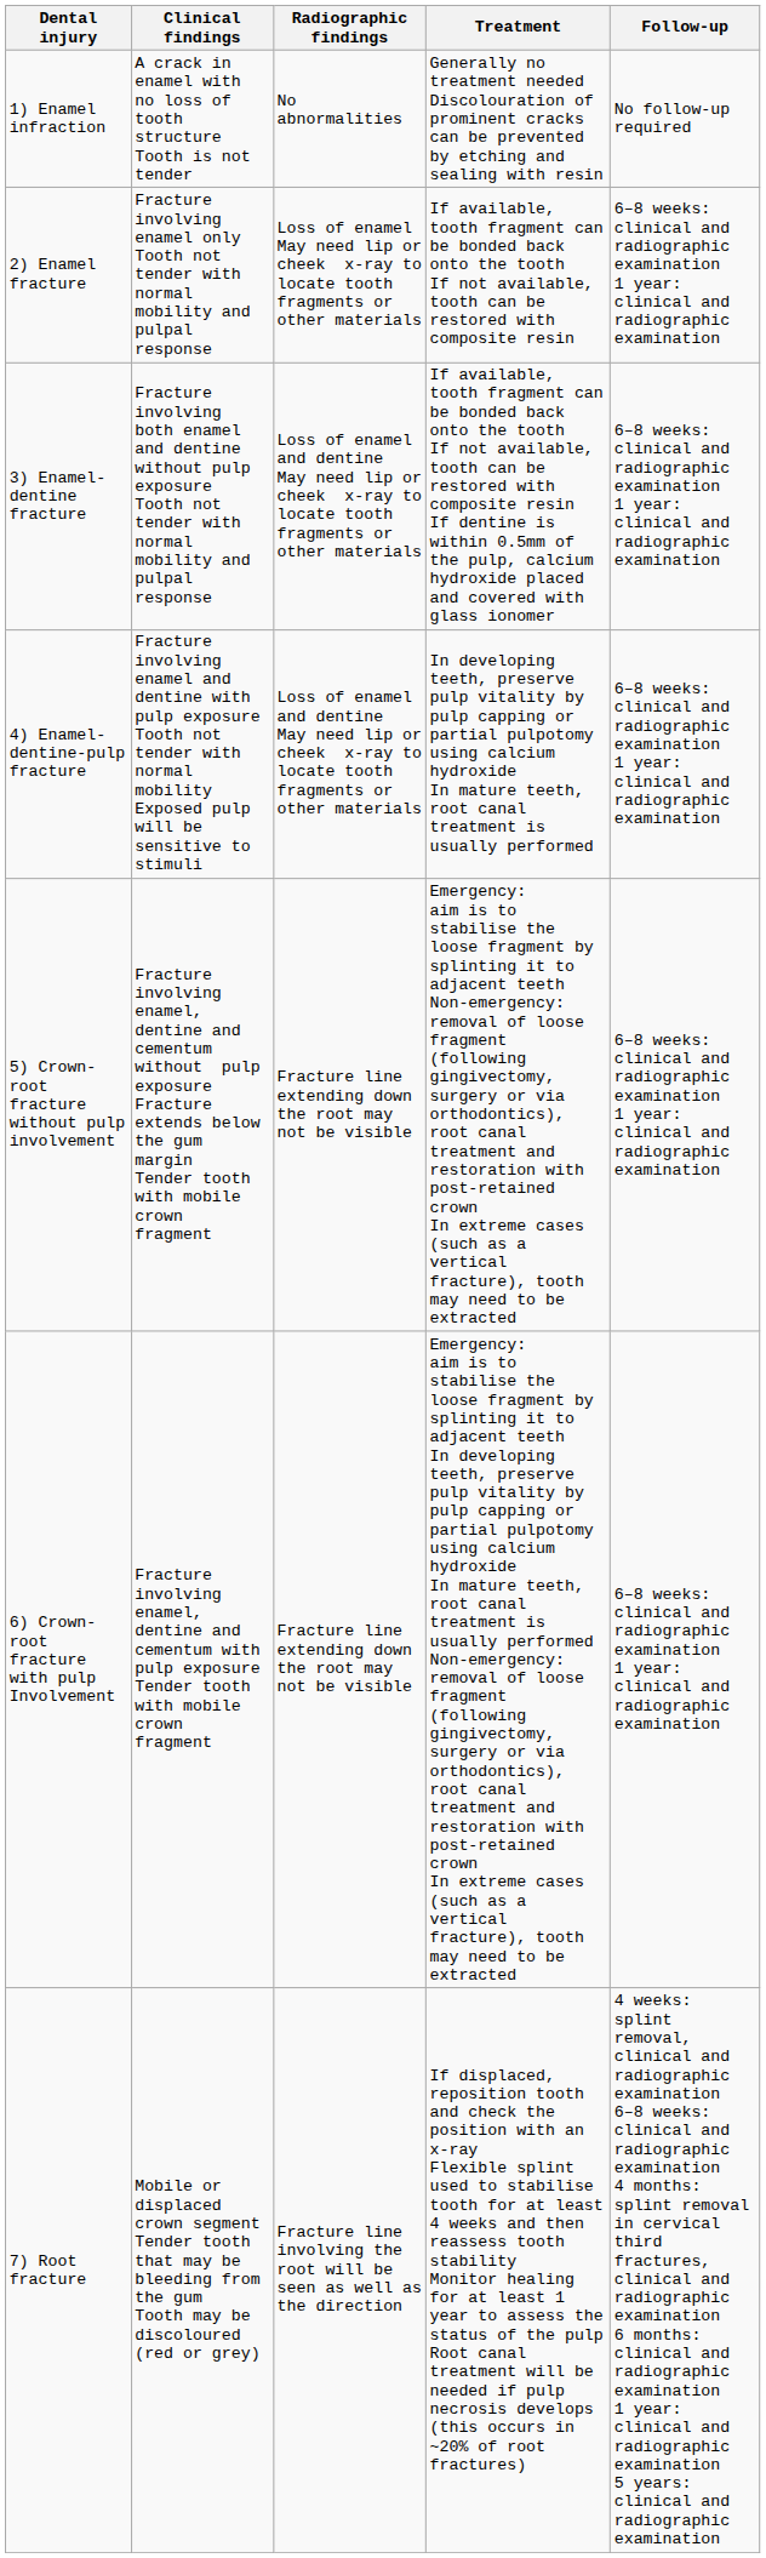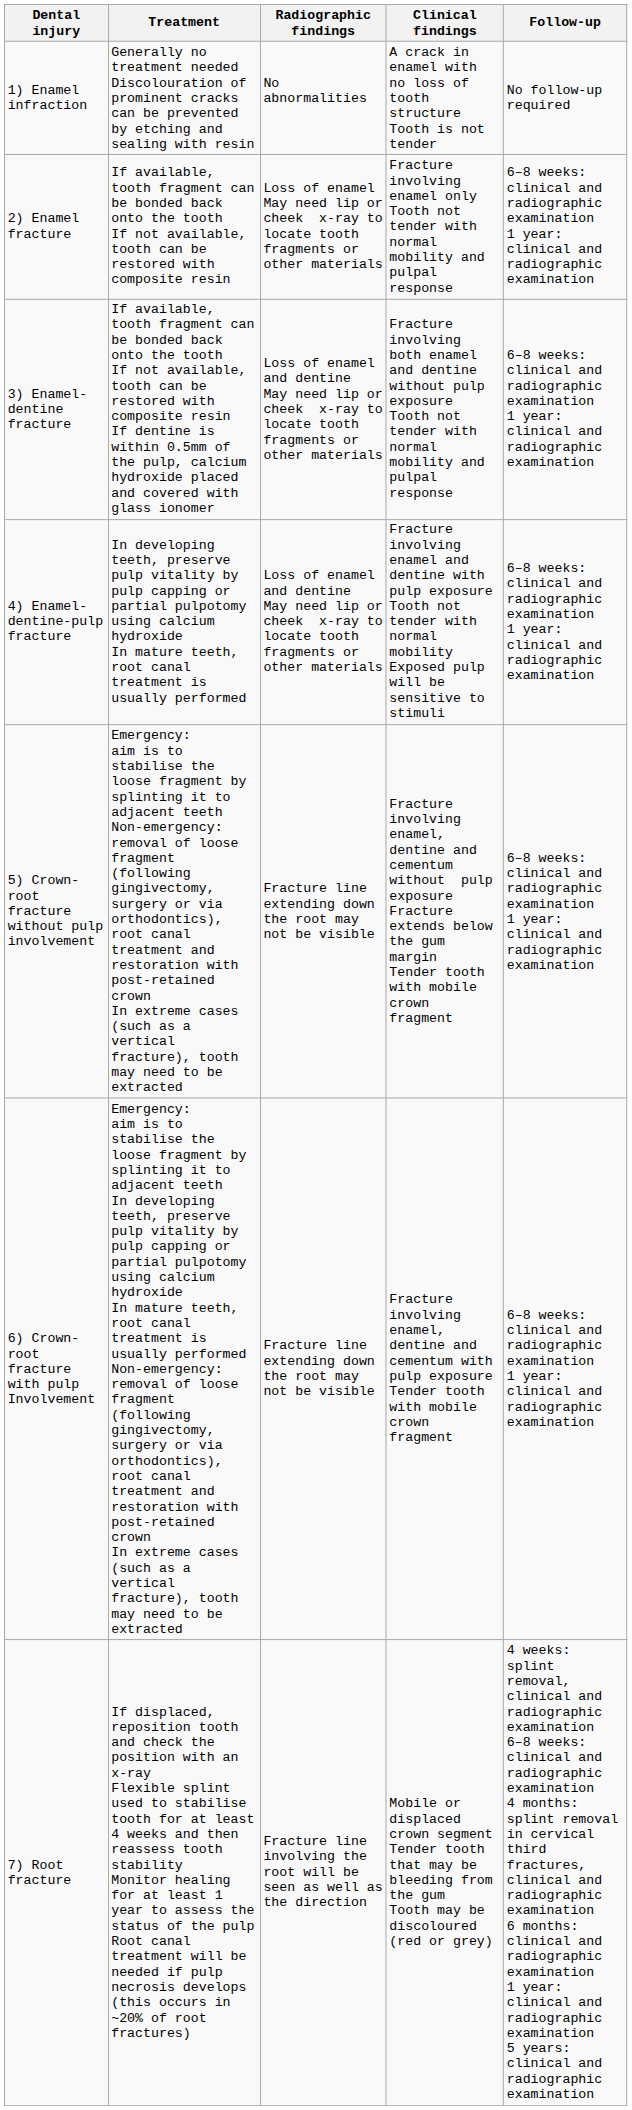 <table class="wikitable">
 <tr>
 <th>Dental injury</th>
+<th>Treatment</th>
+<th>Radiographic findings</th>
 <th>Clinical findings</th>
-<th>Radiographic findings</th>
-<th>Treatment</th>
 <th>Follow-up</th>
 </tr>
 <tr>
 <td>1) Enamel infraction</td>
+<td>Generally no treatment needed<br>Discolouration of prominent cracks can be prevented by etching and  sealing with resin</td>
+<td>No abnormalities<br><br></td>
 <td>A crack in enamel with no loss of tooth structure<br>Tooth is not tender</td>
-<td>No abnormalities<br><br></td>
-<td>Generally no treatment needed<br>Discolouration of prominent cracks can be prevented by etching and  sealing with resin</td>
 <td>No follow-up required</td>
 </tr>
 <tr>
 <td>2) Enamel fracture</td>
+<td>If available, tooth fragment can be bonded back onto the tooth<br>If not available, tooth can be restored with composite resin</td>
+<td>Loss of enamel<br>May need lip or cheek  x-ray  to locate tooth fragments or other materials <br></td>
 <td>Fracture involving enamel only<br>Tooth not tender with normal mobility and pulpal response</td>
-<td>Loss of enamel<br>May need lip or cheek  x-ray  to locate tooth fragments or other materials <br></td>
-<td>If available, tooth fragment can be bonded back onto the tooth<br>If not available, tooth can be restored with composite resin</td>
 <td>6–8 weeks: clinical and radiographic examination<br>1 year: clinical and radiographic examination</td>
 </tr>
 <tr>
 <td>3) Enamel-dentine fracture</td>
+<td>If available, tooth fragment can be bonded back onto the tooth<br>If not available, tooth can be restored with composite resin<br>If dentine is within 0.5mm of  the pulp, calcium hydroxide placed and covered with glass ionomer</td>
+<td>Loss of enamel and dentine<br>May need lip or cheek  x-ray  to locate tooth fragments or other materials</td>
 <td>Fracture involving both enamel and dentine without pulp exposure<br>Tooth not tender with normal mobility and pulpal response</td>
-<td>Loss of enamel and dentine<br>May need lip or cheek  x-ray  to locate tooth fragments or other materials</td>
-<td>If available, tooth fragment can be bonded back onto the tooth<br>If not available, tooth can be restored with composite resin<br>If dentine is within 0.5mm of  the pulp, calcium hydroxide placed and covered with glass ionomer</td>
 <td>6–8 weeks: clinical and radiographic examination<br>1 year: clinical and radiographic examination</td>
 </tr>
 <tr>
 <td>4) Enamel-dentine-pulp fracture</td>
+<td>In developing teeth, preserve pulp vitality by pulp capping or partial pulpotomy using calcium  hydroxide<br>In mature teeth, root  canal treatment is usually performed</td>
+<td>Loss of enamel and dentine<br>May need lip or cheek  x-ray  to locate tooth fragments or other materials <br></td>
 <td>Fracture involving enamel and dentine with pulp exposure<br>Tooth not tender with normal mobility<br>Exposed pulp will be sensitive to stimuli</td>
-<td>Loss of enamel and dentine<br>May need lip or cheek  x-ray  to locate tooth fragments or other materials <br></td>
-<td>In developing teeth, preserve pulp vitality by pulp capping or partial pulpotomy using calcium  hydroxide<br>In mature teeth, root  canal treatment is usually performed</td>
 <td>6–8 weeks: clinical and radiographic examination<br>1 year: clinical and radiographic examination</td>
 </tr>
 <tr>
 <td>5) Crown-root fracture without pulp involvement</td>
+<td>Emergency:<br>aim is to stabilise the loose fragment by splinting it to adjacent  teeth<br>Non-emergency:<br>removal of loose fragment (following gingivectomy, surgery or via  orthodontics), root canal treatment and restoration with post-retained crown<br>In extreme cases (such as a vertical fracture), tooth may need to be  extracted</td>
+<td>Fracture line extending down the root may not be visible</td>
 <td>Fracture involving enamel, dentine and cementum without  pulp exposure<br>Fracture extends below the gum margin<br>Tender tooth with mobile crown fragment</td>
-<td>Fracture line extending down the root may not be visible</td>
-<td>Emergency:<br>aim is to stabilise the loose fragment by splinting it to adjacent  teeth<br>Non-emergency:<br>removal of loose fragment (following gingivectomy, surgery or via  orthodontics), root canal treatment and restoration with post-retained crown<br>In extreme cases (such as a vertical fracture), tooth may need to be  extracted</td>
 <td>6–8 weeks: clinical and radiographic examination<br>1 year: clinical and radiographic examination</td>
 </tr>
 <tr>
 <td>6) Crown-root fracture with pulp Involvement</td>
+<td>Emergency:<br>aim is to stabilise the loose fragment by splinting it to adjacent  teeth<br>In developing teeth,  preserve pulp vitality by pulp capping or partial pulpotomy using calcium  hydroxide<br>In mature teeth, root  canal treatment is usually performed<br>Non-emergency:<br>removal of loose fragment (following gingivectomy, surgery or via  orthodontics), root canal treatment and restoration with post-retained crown<br>In extreme cases (such as a vertical fracture), tooth may need to be  extracted</td>
+<td>Fracture line extending down the root may not be visible</td>
 <td>Fracture involving enamel, dentine and cementum with pulp exposure<br>Tender tooth with mobile crown fragment</td>
-<td>Fracture line extending down the root may not be visible</td>
-<td>Emergency:<br>aim is to stabilise the loose fragment by splinting it to adjacent  teeth<br>In developing teeth,  preserve pulp vitality by pulp capping or partial pulpotomy using calcium  hydroxide<br>In mature teeth, root  canal treatment is usually performed<br>Non-emergency:<br>removal of loose fragment (following gingivectomy, surgery or via  orthodontics), root canal treatment and restoration with post-retained crown<br>In extreme cases (such as a vertical fracture), tooth may need to be  extracted</td>
 <td>6–8 weeks: clinical and radiographic examination<br>1 year: clinical and radiographic examination</td>
 </tr>
 <tr>
 <td>7) Root fracture</td>
+<td>If displaced, reposition tooth and check the position with an x-ray<br>Flexible splint used to stabilise tooth for at least 4 weeks and  then reassess tooth stability<br>Monitor healing for at least 1 year to assess the status of the pulp<br>Root canal treatment will be needed if pulp necrosis develops (this  occurs in ~20% of root fractures)</td>
+<td>Fracture line involving the root will be seen as well as the  direction</td>
 <td>Mobile or displaced crown segment<br>Tender tooth that may be bleeding from the gum<br>Tooth may be discoloured (red or grey)</td>
-<td>Fracture line involving the root will be seen as well as the  direction</td>
-<td>If displaced, reposition tooth and check the position with an x-ray<br>Flexible splint used to stabilise tooth for at least 4 weeks and  then reassess tooth stability<br>Monitor healing for at least 1 year to assess the status of the pulp<br>Root canal treatment will be needed if pulp necrosis develops (this  occurs in ~20% of root fractures)</td>
 <td>4 weeks: splint removal, clinical and radiographic examination<br>6–8 weeks: clinical and radiographic examination<br>4 months: splint removal in cervical third fractures, clinical and  radiographic examination<br>6 months: clinical and radiographic examination<br>1 year: clinical and radiographic examination<br>5 years: clinical and radiographic examination</td>
 </tr>
 </table>
